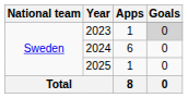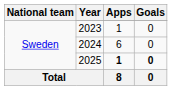 <table class="wikitable" style="text-align:center">
 <tr>
 <th>National team</th>
 <th>Year</th>
 <th>Apps</th>
 <th>Goals</th>
 </tr>
 <tr>
 <td rowspan="4"><a href='#'>Sweden</a></td>
 </tr>
 <tr>
 <td>2023</td>
 <td>1</td>
-<td style="background: lightgrey;">0</td>
+<td>0</td>
 </tr>
 <tr>
 <td>2024</td>
 <td>6</td>
 <td>0</td>
 </tr>
 <tr>
 <td>2025</td>
-<td>1</td>
-<td>0</td>
+<td><strong>1</strong></td>
+<td><strong>0</strong></td>
 </tr>
 <tr>
 <th colspan="2">Total</th>
 <th>8</th>
 <th>0</th>
 </tr>
 </table>
